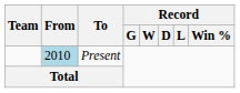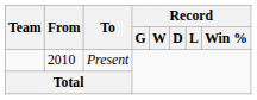 <table class="wikitable" style="text-align: center">
 <tr>
 <th rowspan="2">Team</th>
 <th rowspan="2">From</th>
 <th rowspan="2">To</th>
 <th colspan="5">Record</th>
 </tr>
 <tr>
 <th>G</th>
 <th>W</th>
 <th>D</th>
 <th>L</th>
 <th>Win %</th>
 </tr>
 <tr>
 <td align=left></td>
-<td align=left style="background: lightblue;">2010</td>
+<td align=left>2010</td>
 <td align=left><em>Present</em><br></td>
 </tr>
 <tr>
 <th colspan="3">Total<br></th>
 </tr>
 </table>
